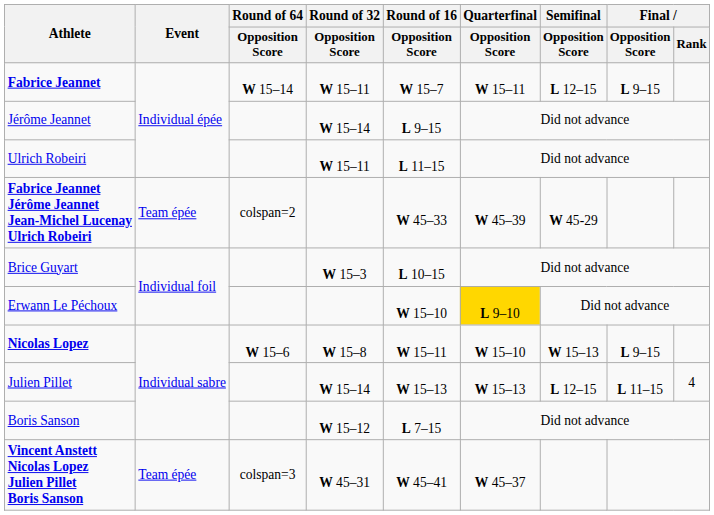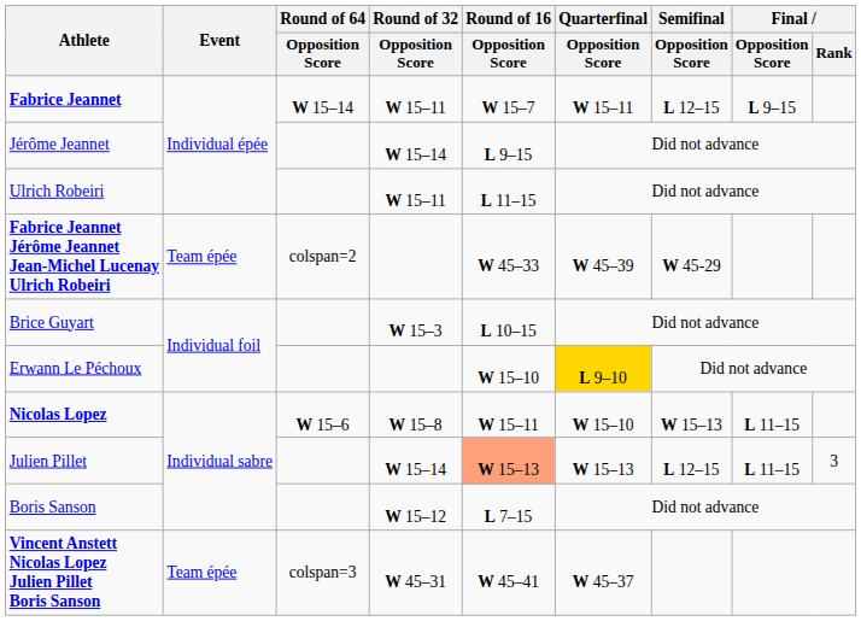 <table class="wikitable" style="font-size:90%">
 <tr>
 <th rowspan="2">Athlete</th>
 <th rowspan="2">Event</th>
 <th>Round of 64</th>
 <th>Round of 32</th>
 <th>Round of 16</th>
 <th>Quarterfinal</th>
 <th>Semifinal</th>
 <th colspan=2>Final / </th>
 </tr>
 <tr style="font-size:95%">
 <th>Opposition <br> Score</th>
 <th>Opposition <br> Score</th>
 <th>Opposition <br> Score</th>
 <th>Opposition <br> Score</th>
 <th>Opposition <br> Score</th>
 <th>Opposition <br> Score</th>
 <th>Rank</th>
 </tr>
 <tr align=center>
 <td align=left><strong><a href='#'>Fabrice Jeannet</a></strong></td>
 <td align=left rowspan=3><a href='#'>Individual épée</a></td>
 <td><br><strong>W</strong> 15–14</td>
 <td><br><strong>W</strong> 15–11</td>
 <td><br><strong>W</strong> 15–7</td>
 <td><br><strong>W</strong> 15–11</td>
 <td><br><strong>L</strong> 12–15</td>
 <td><br><strong>L</strong> 9–15</td>
 <td></td>
 </tr>
 <tr align=center>
 <td align=left><a href='#'>Jérôme Jeannet</a></td>
 <td></td>
 <td><br><strong>W</strong> 15–14</td>
 <td><br><strong>L</strong> 9–15</td>
 <td colspan=4>Did not advance</td>
 </tr>
 <tr align=center>
 <td align=left><a href='#'>Ulrich Robeiri</a></td>
 <td></td>
 <td><br><strong>W</strong> 15–11</td>
 <td><br><strong>L</strong> 11–15</td>
 <td colspan=4>Did not advance</td>
 </tr>
 <tr align=center>
 <td align=left><strong><a href='#'>Fabrice Jeannet</a><br><a href='#'>Jérôme Jeannet</a><br><a href='#'>Jean-Michel Lucenay</a><br><a href='#'>Ulrich Robeiri</a></strong></td>
 <td align=left><a href='#'>Team épée</a></td>
 <td>colspan=2 </td>
 <td></td>
 <td><br><strong>W</strong> 45–33</td>
 <td><br><strong>W</strong> 45–39</td>
 <td> <br><strong>W</strong> 45-29</td>
 <td></td>
 </tr>
 <tr align=center>
 <td align=left><a href='#'>Brice Guyart</a></td>
 <td align=left rowspan=2><a href='#'>Individual foil</a></td>
 <td></td>
 <td><br><strong>W</strong> 15–3</td>
 <td><br><strong>L</strong> 10–15</td>
 <td colspan=4>Did not advance</td>
 </tr>
 <tr align=center>
 <td align=left><a href='#'>Erwann Le Péchoux</a></td>
 <td></td>
 <td></td>
 <td><br><strong>W</strong> 15–10</td>
 <td style="background: gold;"><br><strong>L</strong> 9–10</td>
 <td colspan=3>Did not advance</td>
 </tr>
 <tr align=center>
 <td align=left><strong><a href='#'>Nicolas Lopez</a></strong></td>
 <td align=left rowspan=3><a href='#'>Individual sabre</a></td>
 <td><br><strong>W</strong> 15–6</td>
 <td><br><strong>W</strong> 15–8</td>
 <td><br><strong>W</strong> 15–11</td>
 <td><br><strong>W</strong> 15–10</td>
 <td><br><strong>W</strong> 15–13</td>
-<td><br><strong>L</strong> 9–15</td>
+<td><br><strong>L</strong> 11–15</td>
 <td></td>
 </tr>
 <tr align=center>
 <td align=left><a href='#'>Julien Pillet</a></td>
 <td></td>
 <td><br><strong>W</strong> 15–14</td>
-<td><br><strong>W</strong> 15–13</td>
+<td style="background: lightsalmon;"><br><strong>W</strong> 15–13</td>
 <td><br><strong>W</strong> 15–13</td>
 <td><br><strong>L</strong> 12–15</td>
 <td><br><strong>L</strong> 11–15</td>
-<td>4</td>
+<td>3</td>
 </tr>
 <tr align=center>
 <td align=left><a href='#'>Boris Sanson</a></td>
 <td></td>
 <td><br><strong>W</strong> 15–12</td>
 <td><br><strong>L</strong> 7–15</td>
 <td colspan=4>Did not advance</td>
 </tr>
 <tr align=center>
 <td align=left><strong><a href='#'>Vincent Anstett</a><br><a href='#'>Nicolas Lopez</a><br><a href='#'>Julien Pillet</a><br><a href='#'>Boris Sanson</a></strong></td>
 <td align=left><a href='#'>Team épée</a></td>
 <td>colspan=3 </td>
 <td><br><strong>W</strong> 45–31</td>
 <td><br><strong>W</strong> 45–41</td>
 <td><br><strong>W</strong> 45–37</td>
 <td></td>
 </tr>
 </table>
